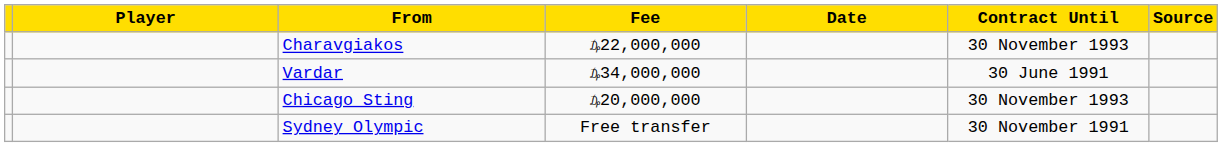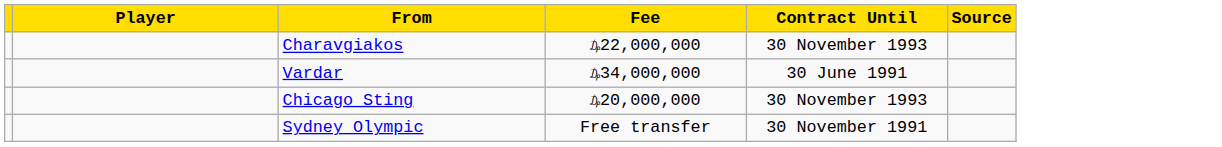 <table class="wikitable sortable">
 <tr>
 <th style="background:#FFDE00"></th>
 <th width=200 style="background:#FFDE00">Player</th>
 <th width=200 style="background:#FFDE00">From</th>
 <th width=150 style="background:#FFDE00">Fee</th>
-<th width=150 style="background:#FFDE00">Date</th>
 <th width=150 style="background:#FFDE00">Contract Until</th>
 <th style="background:#FFDE00">Source</th>
 </tr>
 <tr>
 <td align=center></td>
 <td></td>
 <td> <a href='#'>Charavgiakos</a></td>
 <td align=center>₯22,000,000</td>
-<td align=center></td>
 <td align=center>30 November 1993</td>
 <td align=center></td>
 </tr>
 <tr>
 <td align=center></td>
 <td></td>
 <td> <a href='#'>Vardar</a></td>
 <td align=center>₯34,000,000</td>
-<td align=center></td>
 <td align=center>30 June 1991</td>
 <td align=center></td>
 </tr>
 <tr>
 <td align=center></td>
 <td></td>
 <td> <a href='#'>Chicago Sting</a></td>
 <td align=center>₯20,000,000</td>
-<td align=center></td>
 <td align=center>30 November 1993</td>
 <td align=center></td>
 </tr>
 <tr>
 <td align=center></td>
 <td></td>
 <td> <a href='#'>Sydney Olympic</a></td>
 <td align=center>Free transfer</td>
-<td align=center></td>
 <td align=center>30 November 1991</td>
 <td align=center></td>
 </tr>
 </table>
